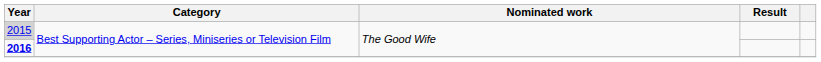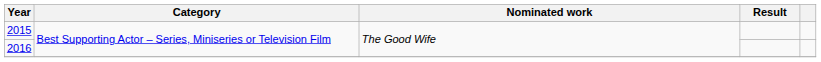 <table class=wikitable>
 <tr>
 <th scope="col" style="width:1em;">Year</th>
 <th scope="col" style="width:29em;">Category</th>
 <th scope="col" style="width:34em;">Nominated work</th>
 <th scope="col" style="width:5em;">Result</th>
 <th scope="col" style="width:1em;"></th>
 </tr>
 <tr>
-<td style="background: lightgrey;"><a href='#'>2015</a></td>
+<td><a href='#'>2015</a></td>
 <td rowspan="2"><a href='#'>Best Supporting Actor – Series, Miniseries or Television Film</a></td>
 <td rowspan="2"><em>The Good Wife</em></td>
 <td></td>
 <td></td>
 </tr>
 <tr>
-<td><strong><a href='#'>2016</a></strong></td>
+<td><a href='#'>2016</a></td>
 <td></td>
 <td></td>
 </tr>
 <tr>
 </tr>
 </table>
